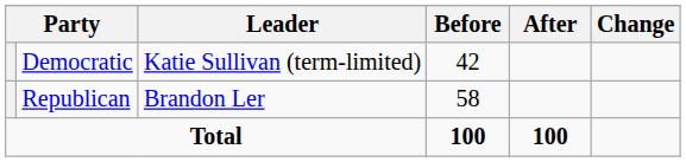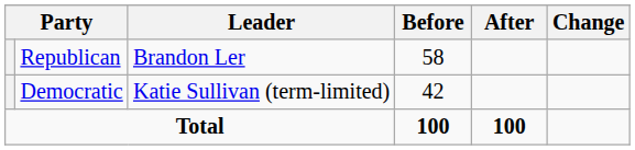 <table class="wikitable" style="text-align:center;">
 <tr>
 </tr>
 <tr>
 <th colspan="2">Party</th>
 <th>Leader</th>
 <th style="width:3em">Before</th>
 <th style="width:3em">After</th>
 <th style="width:3em">Change</th>
 </tr>
 <tr>
 <th style="background-color:"></th>
-<td style="text-align:left;"><a href='#'>Democratic</a></td>
-<td style="text-align:left;"><a href='#'>Katie Sullivan</a> (term-limited)</td>
-<td>42</td>
+<td style="text-align:left;"><a href='#'>Republican</a></td>
+<td style="text-align:left;"><a href='#'>Brandon Ler</a></td>
+<td>58</td>
 <td></td>
 <td></td>
 </tr>
 <tr>
 <th style="background-color:"></th>
-<td style="text-align:left;"><a href='#'>Republican</a></td>
-<td style="text-align:left;"><a href='#'>Brandon Ler</a></td>
-<td>58</td>
+<td style="text-align:left;"><a href='#'>Democratic</a></td>
+<td style="text-align:left;"><a href='#'>Katie Sullivan</a> (term-limited)</td>
+<td>42</td>
 <td></td>
 <td></td>
 </tr>
 <tr>
 <td colspan="3"><strong>Total</strong></td>
 <td><strong>100</strong></td>
 <td><strong>100</strong></td>
 <td></td>
 </tr>
 </table>
